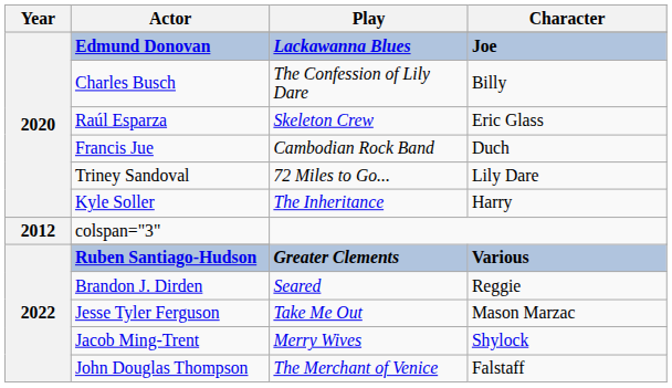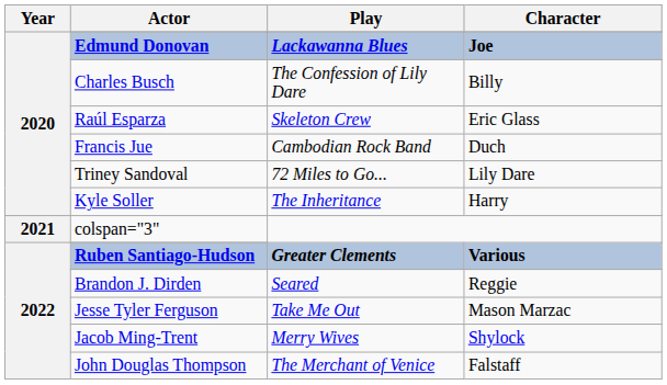 <table class="wikitable" style="width:98%;">
 <tr style="background:#bebebe;">
 <th style="width:10%;">Year</th>
 <th style="width:30%;">Actor</th>
 <th style="width:30%;">Play</th>
 <th style="width:30%;">Character</th>
 </tr>
 <tr>
 <th rowspan="7">2020</th>
 </tr>
 <tr style="background:#B0C4DE">
 <td><strong><a href='#'>Edmund Donovan</a></strong></td>
 <td><strong><em><a href='#'>Lackawanna Blues</a></em></strong></td>
 <td><strong>Joe</strong></td>
 </tr>
 <tr>
 <td><a href='#'>Charles Busch</a></td>
 <td><em>The Confession of Lily Dare</em></td>
 <td>Billy</td>
 </tr>
 <tr>
 <td><a href='#'>Raúl Esparza</a></td>
 <td><em><a href='#'>Skeleton Crew</a></em></td>
 <td>Eric Glass</td>
 </tr>
 <tr>
 <td><a href='#'>Francis Jue</a></td>
 <td><em>Cambodian Rock Band</em></td>
 <td>Duch</td>
 </tr>
 <tr>
 <td>Triney Sandoval</td>
 <td><em>72 Miles to Go...</em></td>
 <td>Lily Dare</td>
 </tr>
 <tr>
 <td><a href='#'>Kyle Soller</a></td>
 <td><em><a href='#'>The Inheritance</a></em></td>
 <td>Harry</td>
 </tr>
 <tr>
-<th>2012</th>
+<th>2021</th>
 <td>colspan="3" </td>
 </tr>
 <tr>
 <th rowspan="6">2022</th>
 </tr>
 <tr style="background:#B0C4DE">
 <td><strong><a href='#'>Ruben Santiago-Hudson</a></strong></td>
 <td><strong><em>Greater Clements</em></strong></td>
 <td><strong>Various</strong></td>
 </tr>
 <tr>
 <td><a href='#'>Brandon J. Dirden</a></td>
 <td><em><a href='#'>Seared</a></em></td>
 <td>Reggie</td>
 </tr>
 <tr>
 <td><a href='#'>Jesse Tyler Ferguson</a></td>
 <td><em><a href='#'>Take Me Out</a></em></td>
 <td>Mason Marzac</td>
 </tr>
 <tr>
 <td><a href='#'>Jacob Ming-Trent</a></td>
 <td><em><a href='#'>Merry Wives</a></em></td>
 <td><a href='#'>Shylock</a></td>
 </tr>
 <tr>
 <td><a href='#'>John Douglas Thompson</a></td>
 <td><em><a href='#'>The Merchant of Venice</a></em></td>
 <td>Falstaff</td>
 </tr>
 </table>
